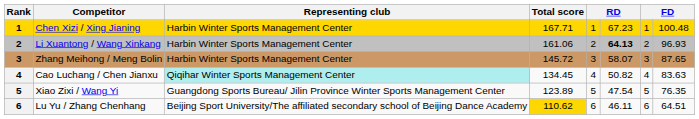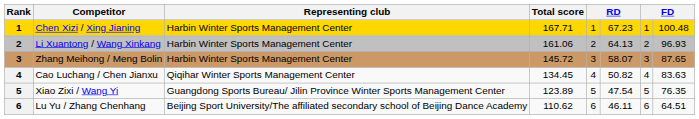 <table class="wikitable sortable">
 <tr>
 <th>Rank</th>
 <th>Competitor</th>
 <th>Representing club</th>
 <th>Total score</th>
 <th colspan="2" width="80px" align="center"><a href='#'>RD</a></th>
 <th colspan="2" width="80px" align="center"><a href='#'>FD</a></th>
 </tr>
 <tr bgcolor="gold">
 <td align="center"><strong>1</strong></td>
 <td><a href='#'>Chen Xizi</a> / <a href='#'>Xing Jianing</a></td>
 <td>Harbin Winter Sports Management Center</td>
 <td align="center">167.71</td>
 <td align="center">1</td>
 <td align="center">67.23</td>
 <td align="center">1</td>
 <td align="center">100.48</td>
 </tr>
 <tr bgcolor="silver">
 <td align="center"><strong>2</strong></td>
 <td><a href='#'>Li Xuantong</a> / <a href='#'>Wang Xinkang</a></td>
 <td>Harbin Winter Sports Management Center</td>
 <td align="center">161.06</td>
 <td align="center">2</td>
-<td align="center"><strong>64.13</strong></td>
+<td align="center">64.13</td>
 <td align="center">2</td>
 <td align="center">96.93</td>
 </tr>
 <tr bgcolor="cc9966">
 <td align="center"><strong>3</strong></td>
 <td>Zhang Meihong / Meng Bolin</td>
 <td>Harbin Winter Sports Management Center</td>
 <td align="center">145.72</td>
 <td align="center">3</td>
 <td align="center">58.07</td>
 <td align="center">3</td>
 <td align="center">87.65</td>
 </tr>
 <tr>
 <th>4</th>
 <td>Cao Luchang / Chen Jianxu</td>
-<td style="background: paleturquoise;">Qiqihar Winter Sports Management Center</td>
+<td>Qiqihar Winter Sports Management Center</td>
 <td align="center">134.45</td>
 <td align="center">4</td>
 <td align="center">50.82</td>
 <td align="center">4</td>
 <td align="center">83.63</td>
 </tr>
 <tr>
 <th>5</th>
 <td>Xiao Zixi / <a href='#'>Wang Yi</a></td>
 <td>Guangdong Sports Bureau/ Jilin Province Winter Sports Management Center</td>
 <td align="center">123.89</td>
 <td align="center">5</td>
 <td align="center">47.54</td>
 <td align="center">5</td>
 <td align="center">76.35</td>
 </tr>
 <tr>
 <th>6</th>
 <td>Lu Yu / Zhang Chenhang</td>
 <td>Beijing Sport University/The affiliated secondary school of Beijing Dance Academy</td>
-<td align="center" style="background: gold;">110.62</td>
+<td align="center">110.62</td>
 <td align="center">6</td>
 <td align="center">46.11</td>
 <td align="center">6</td>
 <td align="center">64.51</td>
 </tr>
 </table>
